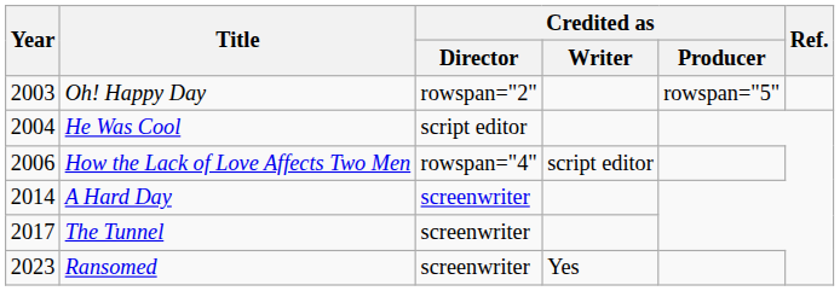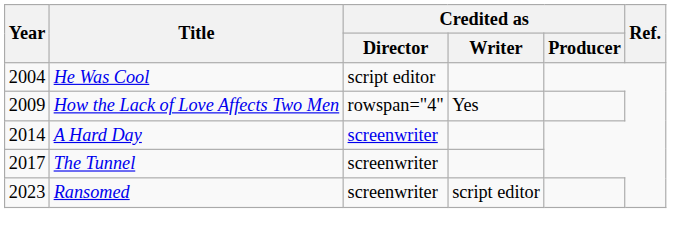 <table class="wikitable">
 <tr>
 <th rowspan="2">Year</th>
 <th rowspan="2">Title</th>
 <th colspan="3">Credited as</th>
 <th rowspan="2">Ref.</th>
 </tr>
 <tr>
 <th>Director</th>
 <th>Writer</th>
 <th>Producer</th>
 </tr>
 <tr>
-<td>2003</td>
-<td><em>Oh! Happy Day</em></td>
-<td>rowspan="2" </td>
-<td></td>
-<td>rowspan="5" </td>
-<td></td>
-</tr>
-<tr>
 <td>2004</td>
 <td><em><a href='#'>He Was Cool</a></em></td>
 <td>script editor</td>
 <td></td>
 </tr>
 <tr>
-<td>2006</td>
+<td>2009</td>
 <td><em><a href='#'>How the Lack of Love Affects Two Men</a></em></td>
 <td>rowspan="4" </td>
-<td>script editor</td>
+<td>Yes</td>
 <td></td>
 </tr>
 <tr>
 <td>2014</td>
 <td><em><a href='#'>A Hard Day</a></em></td>
 <td><a href='#'>screenwriter</a></td>
 <td></td>
 </tr>
 <tr>
 <td>2017</td>
 <td><em><a href='#'>The Tunnel</a></em></td>
 <td>screenwriter</td>
 <td></td>
 </tr>
 <tr>
 <td>2023</td>
 <td><em><a href='#'>Ransomed</a></em></td>
 <td>screenwriter</td>
-<td>Yes</td>
+<td>script editor</td>
 <td></td>
 </tr>
 </table>
